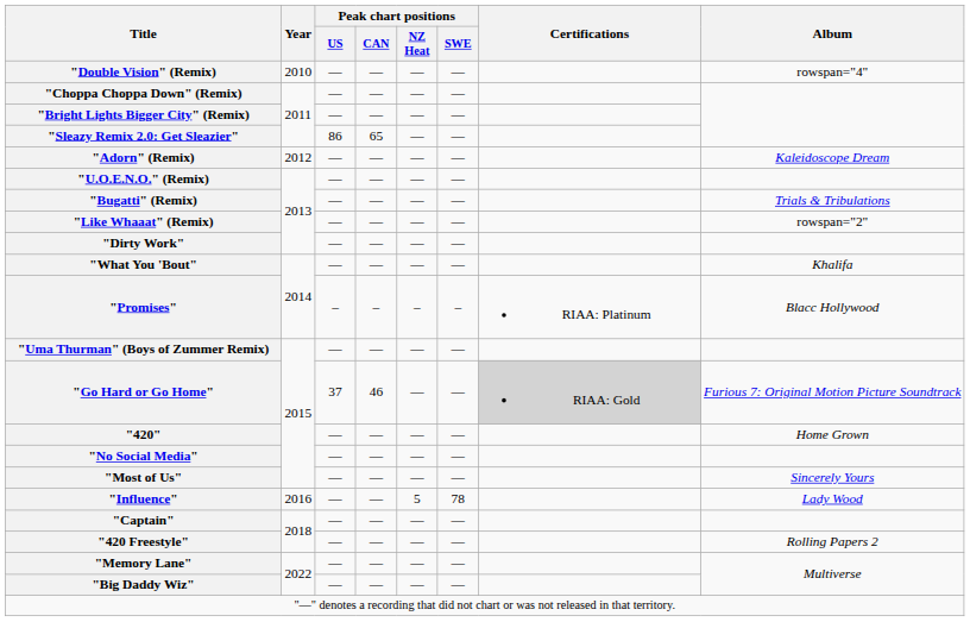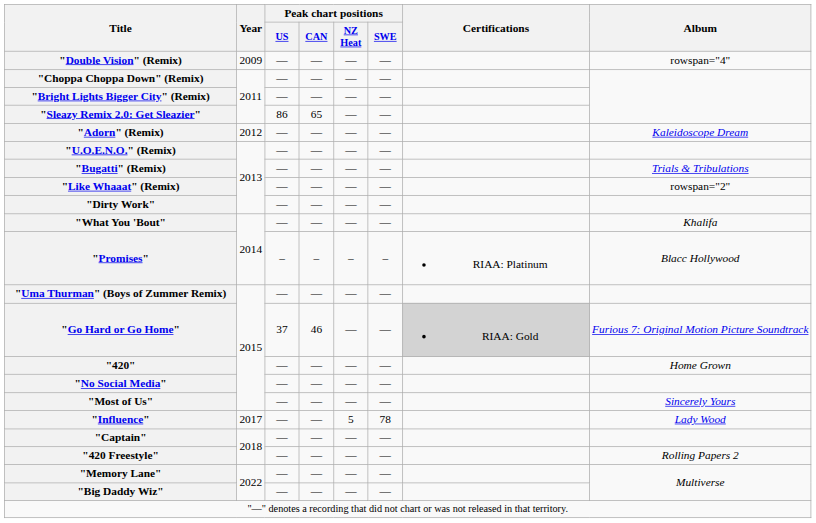 <table class="wikitable plainrowheaders" style="text-align:center;">
 <tr>
 <th scope="col" rowspan="2" style="width:20em;">Title</th>
 <th scope="col" rowspan="2" style="width:1em;">Year</th>
 <th colspan="4" scope="col">Peak chart positions</th>
 <th scope="col" rowspan="2" style="width:16em;">Certifications</th>
 <th scope="col" rowspan="2">Album</th>
 </tr>
 <tr>
 <th scope="col" style="width:2.9em;font-size:90%;"><a href='#'>US</a><br></th>
 <th scope="col" style="width:2.9em;font-size:90%;"><a href='#'>CAN</a><br></th>
 <th scope="col" style="width:2.9em;font-size:90%;"><a href='#'>NZ Heat</a><br></th>
 <th scope="col" style="width:2.9em;font-size:90%;"><a href='#'>SWE</a><br></th>
 </tr>
 <tr>
 <th scope="row">"<a href='#'>Double Vision</a>" (Remix)<br></th>
-<td>2010</td>
+<td>2009</td>
 <td>—</td>
 <td>—</td>
 <td>—</td>
 <td>—</td>
 <td></td>
 <td>rowspan="4" </td>
 </tr>
 <tr>
 <th scope="row">"Choppa Choppa Down" (Remix)<br></th>
 <td rowspan="3">2011</td>
 <td>—</td>
 <td>—</td>
 <td>—</td>
 <td>—</td>
 <td></td>
 </tr>
 <tr>
 <th scope="row">"<a href='#'>Bright Lights Bigger City</a>" (Remix)<br></th>
 <td>—</td>
 <td>—</td>
 <td>—</td>
 <td>—</td>
 <td></td>
 </tr>
 <tr>
 <th scope="row">"<a href='#'>Sleazy Remix 2.0: Get Sleazier</a>"<br></th>
 <td>86</td>
 <td>65</td>
 <td>—</td>
 <td>—</td>
 <td></td>
 </tr>
 <tr>
 <th scope="row">"<a href='#'>Adorn</a>" (Remix)<br></th>
 <td>2012</td>
 <td>—</td>
 <td>—</td>
 <td>—</td>
 <td>—</td>
 <td></td>
 <td><em><a href='#'>Kaleidoscope Dream</a></em></td>
 </tr>
 <tr>
 <th scope="row">"<a href='#'>U.O.E.N.O.</a>" (Remix)<br></th>
 <td rowspan="4">2013</td>
 <td>—</td>
 <td>—</td>
 <td>—</td>
 <td>—</td>
 <td></td>
 <td></td>
 </tr>
 <tr>
 <th scope="row">"<a href='#'>Bugatti</a>" (Remix)<br></th>
 <td>—</td>
 <td>—</td>
 <td>—</td>
 <td>—</td>
 <td></td>
 <td><em><a href='#'>Trials & Tribulations</a></em></td>
 </tr>
 <tr>
 <th scope="row">"<a href='#'>Like Whaaat</a>" (Remix)<br></th>
 <td>—</td>
 <td>—</td>
 <td>—</td>
 <td>—</td>
 <td></td>
 <td>rowspan="2" </td>
 </tr>
 <tr>
 <th scope="row">"Dirty Work"<br></th>
 <td>—</td>
 <td>—</td>
 <td>—</td>
 <td>—</td>
 <td></td>
 </tr>
 <tr>
 <th scope="row">"What You 'Bout"<br></th>
 <td rowspan=2>2014</td>
 <td>—</td>
 <td>—</td>
 <td>—</td>
 <td>—</td>
 <td></td>
 <td><em>Khalifa</em></td>
 </tr>
 <tr>
 <th scope="row">"<a href='#'>Promises</a>"</th>
 <td>–</td>
 <td>–</td>
 <td>–</td>
 <td>–</td>
 <td><br><ul><li>RIAA: Platinum</li></ul></td>
 <td><em>Blacc Hollywood</em></td>
 </tr>
 <tr>
 <th scope="row">"<a href='#'>Uma Thurman</a>" (Boys of Zummer Remix)<br></th>
 <td rowspan="5">2015</td>
 <td>—</td>
 <td>—</td>
 <td>—</td>
 <td>—</td>
 <td></td>
 <td></td>
 </tr>
 <tr>
 <th scope="row">"<a href='#'>Go Hard or Go Home</a>"<br></th>
 <td>37</td>
 <td>46</td>
 <td>—</td>
 <td>—</td>
 <td style="background: lightgrey;"><br><ul><li>RIAA: Gold</li></ul></td>
 <td><em><a href='#'>Furious 7: Original Motion Picture Soundtrack</a></em></td>
 </tr>
 <tr>
 <th scope="row">"420"<br></th>
 <td>—</td>
 <td>—</td>
 <td>—</td>
 <td>—</td>
 <td></td>
 <td><em>Home Grown</em></td>
 </tr>
 <tr>
 <th scope="row">"<a href='#'>No Social Media</a>"<br></th>
 <td>—</td>
 <td>—</td>
 <td>—</td>
 <td>—</td>
 <td></td>
 <td></td>
 </tr>
 <tr>
 <th scope="row">"Most of Us"</th>
 <td>—</td>
 <td>—</td>
 <td>—</td>
 <td>—</td>
 <td></td>
 <td><em><a href='#'>Sincerely Yours</a></em></td>
 </tr>
 <tr>
 <th scope="row">"<a href='#'>Influence</a>"<br></th>
-<td>2016</td>
+<td>2017</td>
 <td>—</td>
 <td>—</td>
 <td>5</td>
 <td>78</td>
 <td></td>
 <td><em><a href='#'>Lady Wood</a></em></td>
 </tr>
 <tr>
 <th scope="row">"Captain"<br></th>
 <td rowspan="2">2018</td>
 <td>—</td>
 <td>—</td>
 <td>—</td>
 <td>—</td>
 <td></td>
 <td></td>
 </tr>
 <tr>
 <th scope="row">"420 Freestyle"</th>
 <td>—</td>
 <td>—</td>
 <td>—</td>
 <td>—</td>
 <td></td>
 <td><em>Rolling Papers 2</em></td>
 </tr>
 <tr>
 <th scope="row">"Memory Lane"</th>
 <td rowspan="2">2022</td>
 <td>—</td>
 <td>—</td>
 <td>—</td>
 <td>—</td>
 <td></td>
 <td rowspan="2"><em>Multiverse</em></td>
 </tr>
 <tr>
 <th scope="row">"Big Daddy Wiz"<br></th>
 <td>—</td>
 <td>—</td>
 <td>—</td>
 <td>—</td>
 <td></td>
 </tr>
 <tr>
 <td colspan="17" style="font-size:90%">"—" denotes a recording that did not chart or was not released in that territory.</td>
 </tr>
 </table>
